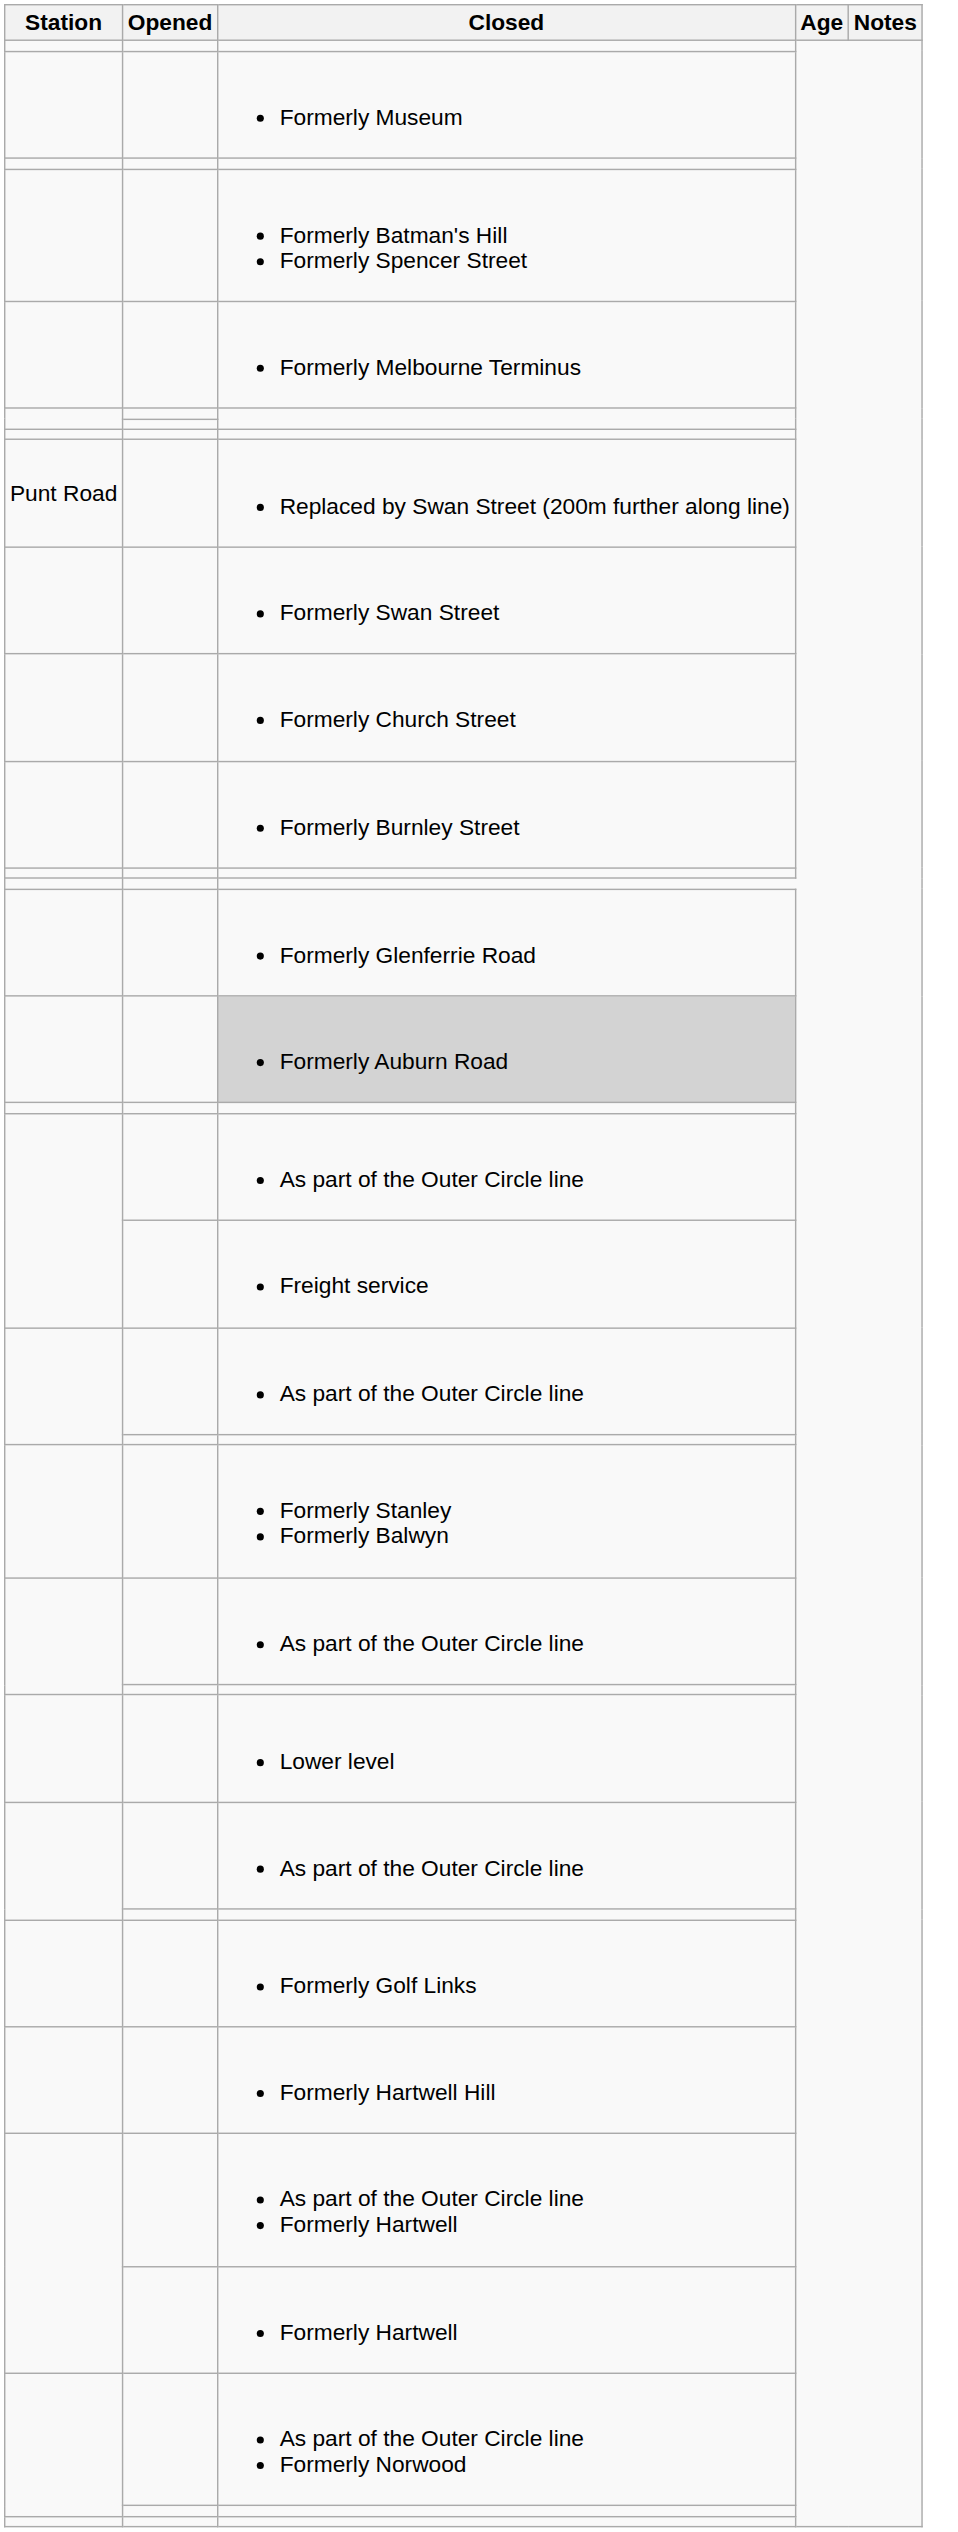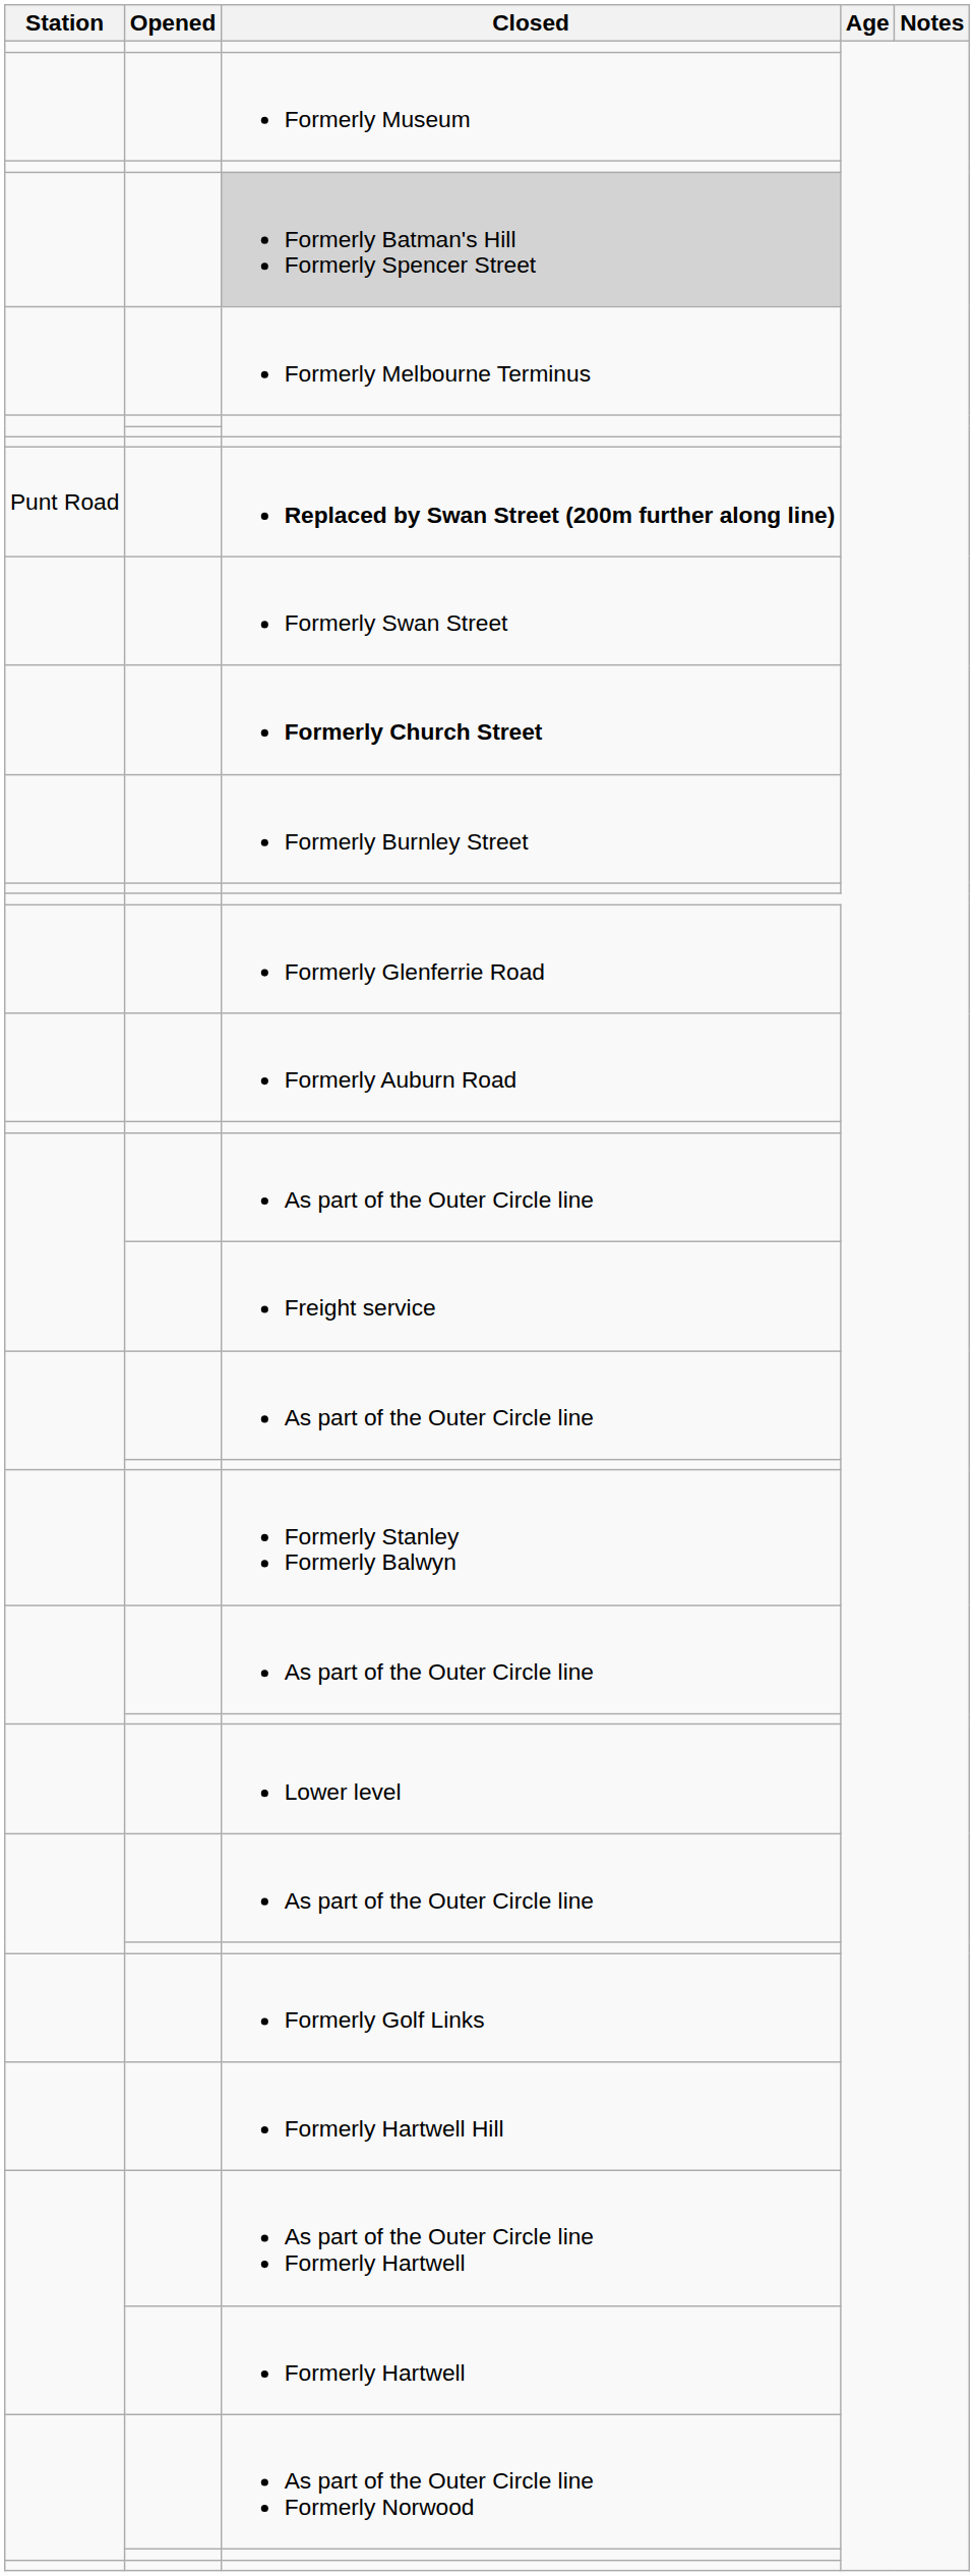 <table class="wikitable sortable mw-collapsible mw-collapsed">
 <tr>
 <th>Station</th>
 <th>Opened</th>
 <th>Closed</th>
 <th>Age</th>
 <th scope=col class=unsortable>Notes</th>
 </tr>
 <tr>
 <td></td>
 <td></td>
 <td></td>
 </tr>
 <tr>
 <td></td>
 <td></td>
 <td><br><ul><li>Formerly Museum</li></ul></td>
 </tr>
 <tr>
 <td></td>
 <td></td>
 <td></td>
 </tr>
 <tr>
 <td></td>
 <td></td>
-<td><br><ul><li>Formerly Batman's Hill</li><li>Formerly Spencer Street</li></ul></td>
+<td style="background: lightgrey;"><br><ul><li>Formerly Batman's Hill</li><li>Formerly Spencer Street</li></ul></td>
 </tr>
 <tr>
 <td></td>
 <td></td>
 <td><br><ul><li>Formerly Melbourne Terminus</li></ul></td>
 </tr>
 <tr>
 <td rowspan="2"></td>
 <td></td>
 <td rowspan="2"></td>
 </tr>
 <tr>
 <td></td>
 </tr>
 <tr>
 <td></td>
 <td></td>
 <td></td>
 </tr>
 <tr>
 <td>Punt Road</td>
 <td></td>
-<td><br><ul><li>Replaced by Swan Street (200m further along line)</li></ul></td>
+<td><strong><br><ul><li>Replaced by Swan Street (200m further along line)</li></ul></strong></td>
 </tr>
 <tr>
 <td></td>
 <td></td>
 <td><br><ul><li>Formerly Swan Street</li></ul></td>
 </tr>
 <tr>
 <td></td>
 <td></td>
-<td><br><ul><li>Formerly Church Street</li></ul></td>
+<td><strong><br><ul><li>Formerly Church Street</li></ul></strong></td>
 </tr>
 <tr>
 <td></td>
 <td></td>
 <td><br><ul><li>Formerly Burnley Street</li></ul></td>
 </tr>
 <tr>
 <td></td>
 <td></td>
 <td></td>
 </tr>
 <tr>
 <td></td>
 <td></td>
 </tr>
 <tr>
 <td></td>
 <td></td>
 <td><br><ul><li>Formerly Glenferrie Road</li></ul></td>
 </tr>
 <tr>
 <td></td>
 <td></td>
-<td style="background: lightgrey;"><br><ul><li>Formerly Auburn Road</li></ul></td>
+<td><br><ul><li>Formerly Auburn Road</li></ul></td>
 </tr>
 <tr>
 <td></td>
 <td></td>
 <td></td>
 </tr>
 <tr>
 <td rowspan="2"></td>
 <td></td>
 <td><br><ul><li>As part of the Outer Circle line</li></ul></td>
 </tr>
 <tr>
 <td></td>
 <td><br><ul><li>Freight service</li></ul></td>
 </tr>
 <tr>
 <td rowspan="2"></td>
 <td></td>
 <td><br><ul><li>As part of the Outer Circle line</li></ul></td>
 </tr>
 <tr>
 <td></td>
 <td></td>
 </tr>
 <tr>
 <td></td>
 <td></td>
 <td><br><ul><li>Formerly Stanley</li><li>Formerly Balwyn</li></ul></td>
 </tr>
 <tr>
 <td rowspan="2"></td>
 <td></td>
 <td><br><ul><li>As part of the Outer Circle line</li></ul></td>
 </tr>
 <tr>
 <td></td>
 <td></td>
 </tr>
 <tr>
 <td></td>
 <td></td>
 <td><br><ul><li>Lower level</li></ul></td>
 </tr>
 <tr>
 <td rowspan="2"></td>
 <td></td>
 <td><br><ul><li>As part of the Outer Circle line</li></ul></td>
 </tr>
 <tr>
 <td></td>
 <td></td>
 </tr>
 <tr>
 <td></td>
 <td></td>
 <td><br><ul><li>Formerly Golf Links</li></ul></td>
 </tr>
 <tr>
 <td></td>
 <td></td>
 <td><br><ul><li>Formerly Hartwell Hill</li></ul></td>
 </tr>
 <tr>
 <td rowspan="2"></td>
 <td></td>
 <td><br><ul><li>As part of the Outer Circle line</li><li>Formerly Hartwell</li></ul></td>
 </tr>
 <tr>
 <td></td>
 <td><br><ul><li>Formerly Hartwell</li></ul></td>
 </tr>
 <tr>
 <td rowspan="2"></td>
 <td></td>
 <td><br><ul><li>As part of the Outer Circle line</li><li>Formerly Norwood</li></ul></td>
 </tr>
 <tr>
 <td></td>
 <td></td>
 </tr>
 <tr>
 <td></td>
 <td></td>
 <td></td>
 </tr>
 </table>
